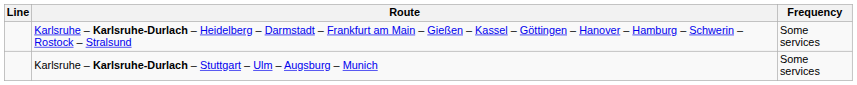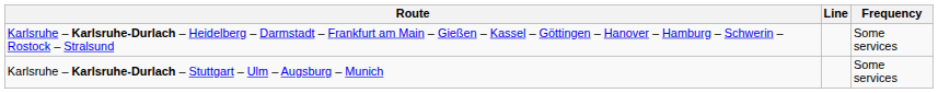 <table class="wikitable">
 <tr>
+<th>Route</th>
 <th>Line</th>
-<th>Route</th>
 <th>Frequency</th>
 </tr>
 <tr>
+<td><a href='#'>Karlsruhe</a> – <strong>Karlsruhe-Durlach</strong> – <a href='#'>Heidelberg</a> – <a href='#'>Darmstadt</a> – <a href='#'>Frankfurt am Main</a> – <a href='#'>Gießen</a> – <a href='#'>Kassel</a> – <a href='#'>Göttingen</a> – <a href='#'>Hanover</a> – <a href='#'>Hamburg</a> – <a href='#'>Schwerin</a> – <a href='#'>Rostock</a> – <a href='#'>Stralsund</a></td>
 <td></td>
-<td><a href='#'>Karlsruhe</a> – <strong>Karlsruhe-Durlach</strong> – <a href='#'>Heidelberg</a> – <a href='#'>Darmstadt</a> – <a href='#'>Frankfurt am Main</a> – <a href='#'>Gießen</a> – <a href='#'>Kassel</a> – <a href='#'>Göttingen</a> – <a href='#'>Hanover</a> – <a href='#'>Hamburg</a> – <a href='#'>Schwerin</a> – <a href='#'>Rostock</a> – <a href='#'>Stralsund</a></td>
 <td>Some services</td>
 </tr>
 <tr>
+<td>Karlsruhe – <strong>Karlsruhe-Durlach</strong> – <a href='#'>Stuttgart</a> – <a href='#'>Ulm</a> – <a href='#'>Augsburg</a> – <a href='#'>Munich</a></td>
 <td></td>
-<td>Karlsruhe – <strong>Karlsruhe-Durlach</strong> – <a href='#'>Stuttgart</a> – <a href='#'>Ulm</a> – <a href='#'>Augsburg</a> – <a href='#'>Munich</a></td>
 <td>Some services</td>
 </tr>
 </table>
